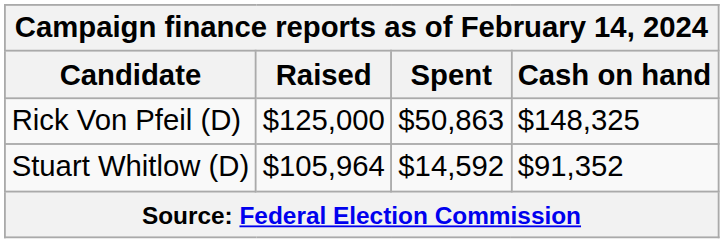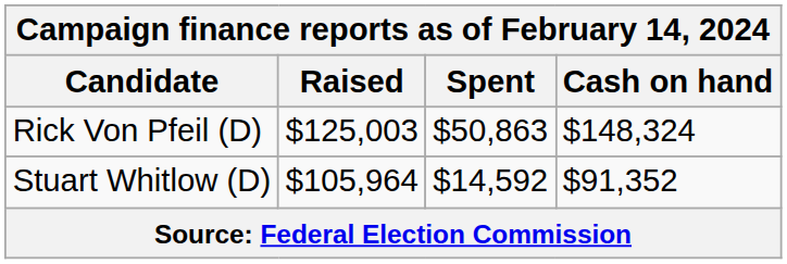 <table class="wikitable sortable">
 <tr>
 <th colspan=4>Campaign finance reports as of February 14, 2024</th>
 </tr>
 <tr style="text-align:center;">
 <th>Candidate</th>
 <th>Raised</th>
 <th>Spent</th>
 <th>Cash on hand</th>
 </tr>
 <tr>
 <td style="color:black;background-color:">Rick Von Pfeil (D)</td>
-<td>$125,000</td>
+<td>$125,003</td>
 <td>$50,863</td>
-<td>$148,325</td>
+<td>$148,324</td>
 </tr>
 <tr>
 <td style="color:black;background-color:">Stuart Whitlow (D)</td>
 <td>$105,964</td>
 <td>$14,592</td>
 <td>$91,352</td>
 </tr>
 <tr>
 <th colspan="4"><small>Source: <a href='#'>Federal Election Commission</a></small></th>
 </tr>
 </table>
